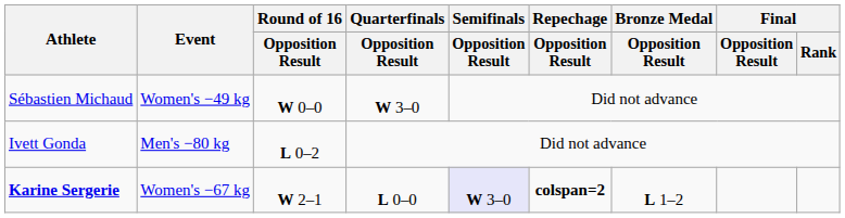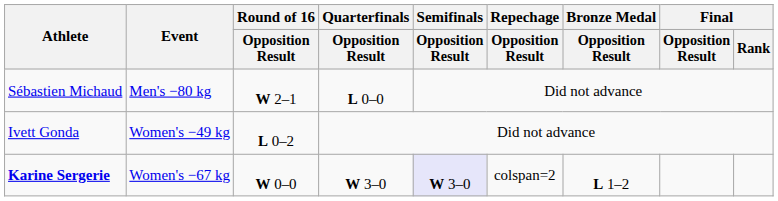 <table class="wikitable" style="font-size:90%">
 <tr>
 <th rowspan="2">Athlete</th>
 <th rowspan="2">Event</th>
 <th>Round of 16</th>
 <th>Quarterfinals</th>
 <th>Semifinals</th>
 <th>Repechage</th>
 <th>Bronze Medal</th>
 <th colspan=2>Final</th>
 </tr>
 <tr style="font-size:95%">
 <th>Opposition<br>Result</th>
 <th>Opposition<br>Result</th>
 <th>Opposition<br>Result</th>
 <th>Opposition<br>Result</th>
 <th>Opposition<br>Result</th>
 <th>Opposition<br>Result</th>
 <th>Rank</th>
 </tr>
 <tr align=center>
 <td align=left><a href='#'>Sébastien Michaud</a></td>
-<td align=left><a href='#'>Women's −49 kg</a></td>
-<td><br><strong>W</strong> 0–0 </td>
-<td><br><strong>W</strong> 3–0</td>
+<td align=left><a href='#'>Men's −80 kg</a></td>
+<td><br><strong>W</strong> 2–1</td>
+<td> <br> <strong>L</strong> 0–0 </td>
 <td colspan=5>Did not advance</td>
 </tr>
 <tr align=center>
 <td align=left><a href='#'>Ivett Gonda</a></td>
-<td align=left><a href='#'>Men's −80 kg</a></td>
+<td align=left><a href='#'>Women's −49 kg</a></td>
 <td><br><strong>L</strong> 0–2</td>
 <td colspan=6>Did not advance</td>
 </tr>
 <tr align=center>
 <td align=left><strong><a href='#'>Karine Sergerie</a></strong></td>
 <td align=left><a href='#'>Women's −67 kg</a></td>
-<td><br><strong>W</strong> 2–1</td>
-<td> <br> <strong>L</strong> 0–0 </td>
+<td><br><strong>W</strong> 0–0 </td>
+<td><br><strong>W</strong> 3–0</td>
 <td style="background: lavender;"><br><strong>W</strong> 3–0</td>
-<td><strong>colspan=2 </strong></td>
+<td>colspan=2 </td>
 <td><br><strong>L</strong> 1–2</td>
 <td></td>
 </tr>
 </table>
